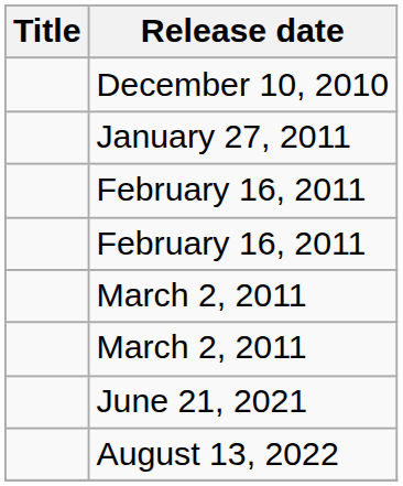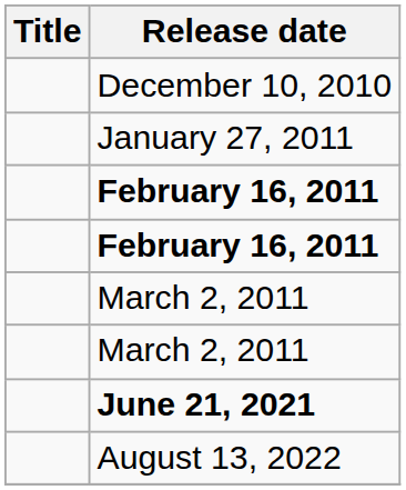 <table class="wikitable">
 <tr>
 <th>Title</th>
 <th>Release date</th>
 </tr>
 <tr>
 <td></td>
 <td>December 10, 2010</td>
 </tr>
 <tr>
 <td></td>
 <td>January 27, 2011</td>
 </tr>
 <tr>
 <td></td>
-<td>February 16, 2011</td>
+<td><strong>February 16, 2011</strong></td>
 </tr>
 <tr>
 <td></td>
-<td>February 16, 2011</td>
+<td><strong>February 16, 2011</strong></td>
 </tr>
 <tr>
 <td></td>
 <td>March 2, 2011</td>
 </tr>
 <tr>
 <td></td>
 <td>March 2, 2011</td>
 </tr>
 <tr>
 <td></td>
-<td>June 21, 2021</td>
+<td><strong>June 21, 2021</strong></td>
 </tr>
 <tr>
 <td></td>
 <td>August 13, 2022</td>
 </tr>
 <tr>
 </tr>
 </table>
